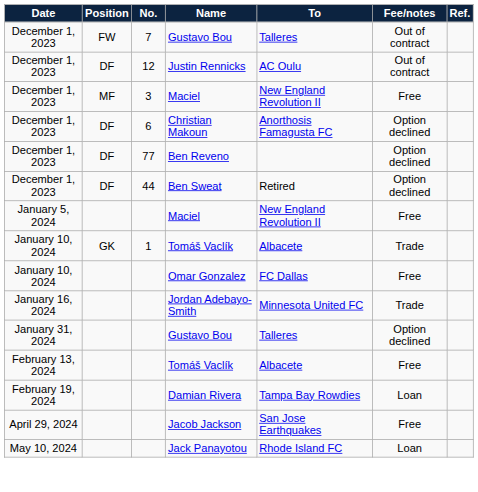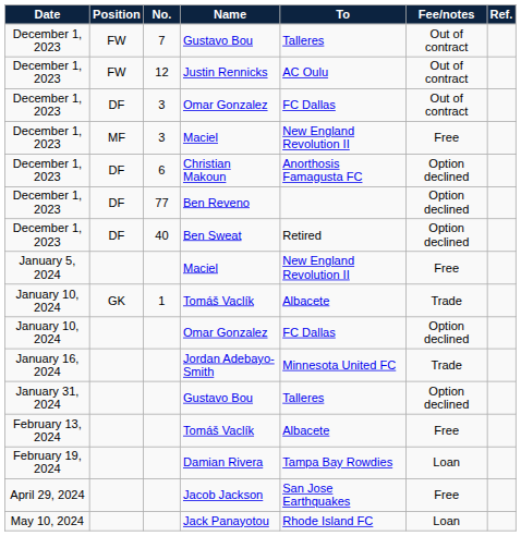 <table class="wikitable" style="text-align:center; font-size:90%; ">
 <tr>
 <th style="background:#0C2340; color:#FFFFFF; width:120px;">Date</th>
 <th style="background:#0C2340; color:#FFFFFF; width:50px;">Position</th>
 <th style="background:#0C2340; color:#FFFFFF; width:50px;">No.</th>
 <th style="background:#0C2340; color:#FFFFFF; width:150px;">Name</th>
 <th style="background:#0C2340; color:#FFFFFF; width:200px;">To</th>
 <th style="background:#0C2340; color:#FFFFFF; width:110px;">Fee/notes</th>
 <th style="background:#0C2340; color:#FFFFFF; width:25px;">Ref.</th>
 </tr>
 <tr>
 <td>December 1, 2023</td>
 <td>FW</td>
 <td>7</td>
 <td align="left"> <a href='#'>Gustavo Bou</a></td>
 <td align="left"> <a href='#'>Talleres</a></td>
 <td>Out of contract</td>
 <td></td>
 </tr>
 <tr>
 <td>December 1, 2023</td>
-<td>DF</td>
+<td>FW</td>
 <td>12</td>
 <td align="left"> <a href='#'>Justin Rennicks</a></td>
 <td align="left"> <a href='#'>AC Oulu</a></td>
+<td>Out of contract</td>
+<td></td>
+</tr>
+<tr>
+<td>December 1, 2023</td>
+<td>DF</td>
+<td>3</td>
+<td align="left"> <a href='#'>Omar Gonzalez</a></td>
+<td align="left"> <a href='#'>FC Dallas</a></td>
 <td>Out of contract</td>
 <td></td>
 </tr>
 <tr>
 <td>December 1, 2023</td>
 <td>MF</td>
 <td>3</td>
 <td align="left"> <a href='#'>Maciel</a></td>
 <td align="left"> <a href='#'>New England Revolution II</a></td>
 <td>Free</td>
 <td></td>
 </tr>
 <tr>
 <td>December 1, 2023</td>
 <td>DF</td>
 <td>6</td>
 <td align="left"> <a href='#'>Christian Makoun</a></td>
 <td align="left"> <a href='#'>Anorthosis Famagusta FC</a></td>
 <td>Option declined</td>
 <td></td>
 </tr>
 <tr>
 <td>December 1, 2023</td>
 <td>DF</td>
 <td>77</td>
 <td align="left"> <a href='#'>Ben Reveno</a></td>
 <td align="left"></td>
 <td>Option declined</td>
 <td></td>
 </tr>
 <tr>
 <td>December 1, 2023</td>
 <td>DF</td>
-<td>44</td>
+<td>40</td>
 <td align="left"> <a href='#'>Ben Sweat</a></td>
 <td align="left">Retired</td>
 <td>Option declined</td>
 <td></td>
 </tr>
 <tr>
 <td>January 5, 2024</td>
 <td></td>
 <td></td>
 <td align="left"> <a href='#'>Maciel</a></td>
 <td align="left"> <a href='#'>New England Revolution II</a></td>
 <td>Free</td>
 <td></td>
 </tr>
 <tr>
 <td>January 10, 2024</td>
 <td>GK</td>
 <td>1</td>
 <td align="left"> <a href='#'>Tomáš Vaclík</a></td>
 <td align="left"> <a href='#'>Albacete</a></td>
 <td>Trade</td>
 <td></td>
 </tr>
 <tr>
 <td>January 10, 2024</td>
 <td></td>
 <td></td>
 <td align="left"> <a href='#'>Omar Gonzalez</a></td>
 <td align="left"> <a href='#'>FC Dallas</a></td>
-<td>Free</td>
+<td>Option declined</td>
 <td></td>
 </tr>
 <tr>
 <td>January 16, 2024</td>
 <td></td>
 <td></td>
 <td align="left"> <a href='#'>Jordan Adebayo-Smith</a></td>
 <td align="left"> <a href='#'>Minnesota United FC</a></td>
 <td>Trade</td>
 <td></td>
 </tr>
 <tr>
 <td>January 31, 2024</td>
 <td></td>
 <td></td>
 <td align="left"> <a href='#'>Gustavo Bou</a></td>
 <td align="left"> <a href='#'>Talleres</a></td>
 <td>Option declined</td>
 <td></td>
 </tr>
 <tr>
 <td>February 13, 2024</td>
 <td></td>
 <td></td>
 <td align="left"> <a href='#'>Tomáš Vaclík</a></td>
 <td align="left"> <a href='#'>Albacete</a></td>
 <td>Free</td>
 <td></td>
 </tr>
 <tr>
 <td>February 19, 2024</td>
 <td></td>
 <td></td>
 <td align="left"> <a href='#'>Damian Rivera</a></td>
 <td align="left"> <a href='#'>Tampa Bay Rowdies</a></td>
 <td>Loan</td>
 <td></td>
 </tr>
 <tr>
 <td>April 29, 2024</td>
 <td></td>
 <td></td>
 <td align="left"> <a href='#'>Jacob Jackson</a></td>
 <td align="left"> <a href='#'>San Jose Earthquakes</a></td>
 <td>Free</td>
 <td></td>
 </tr>
 <tr>
 <td>May 10, 2024</td>
 <td></td>
 <td></td>
 <td align="left"> <a href='#'>Jack Panayotou</a></td>
 <td align="left"> <a href='#'>Rhode Island FC</a></td>
 <td>Loan</td>
 <td></td>
 </tr>
 </table>
